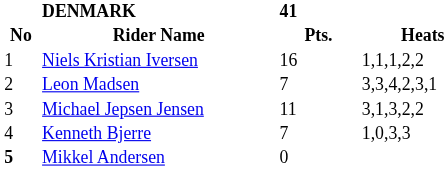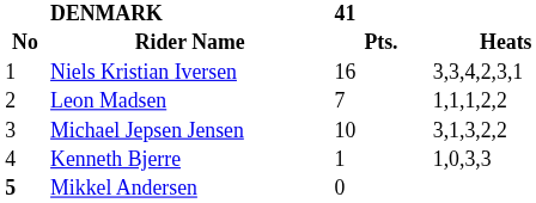 <table class="toccolours">
 <tr>
 <td></td>
 <td><strong>DENMARK</strong></td>
 <td><strong>41</strong></td>
 </tr>
 <tr style="background: ">
 <th width=30px>No</th>
 <th width=210px>Rider Name</th>
 <th width=70px>Pts.</th>
 <th width=110px>Heats</th>
 </tr>
 <tr style="background-color:">
 <td>1</td>
 <td><a href='#'>Niels Kristian Iversen</a></td>
 <td>16</td>
-<td>1,1,1,2,2</td>
+<td>3,3,4,2,3,1</td>
 </tr>
 <tr style="background-color:">
 <td>2</td>
 <td><a href='#'>Leon Madsen</a></td>
 <td>7</td>
-<td>3,3,4,2,3,1</td>
+<td>1,1,1,2,2</td>
 </tr>
 <tr style="background-color:">
 <td>3</td>
 <td><a href='#'>Michael Jepsen Jensen</a></td>
-<td>11</td>
+<td>10</td>
 <td>3,1,3,2,2</td>
 </tr>
 <tr style="background-color:">
 <td>4</td>
 <td><a href='#'>Kenneth Bjerre</a></td>
-<td>7</td>
+<td>1</td>
 <td>1,0,3,3</td>
 </tr>
 <tr style="background-color:">
 <td><strong>5</strong></td>
 <td><a href='#'>Mikkel Andersen</a></td>
 <td>0</td>
 <td></td>
 </tr>
 </table>
